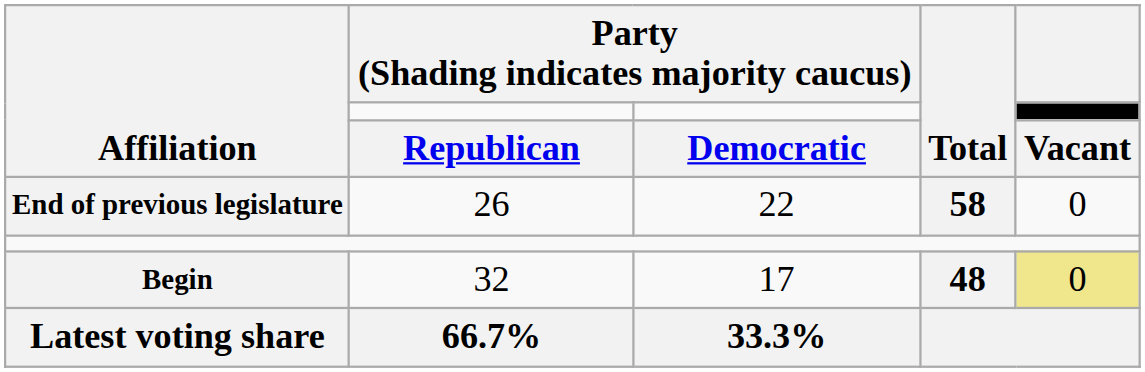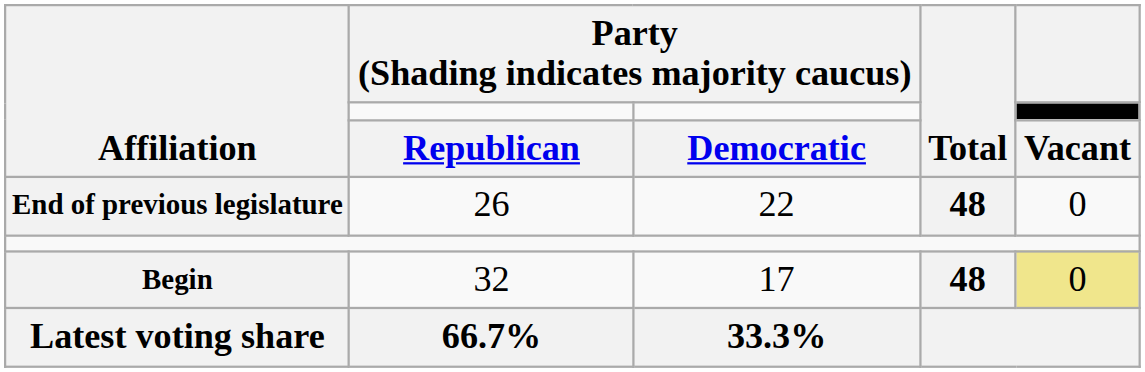 <table class=wikitable style="text-align:center">
 <tr style="vertical-align:bottom;">
 <th rowspan=3>Affiliation</th>
 <th colspan=2>Party <div>(Shading indicates majority caucus)</div></th>
 <th rowspan=3>Total</th>
 <th></th>
 </tr>
 <tr style="height:5px">
 <td style="background-color:"></td>
 <td style="background-color:"></td>
 <td style="background-color:black"></td>
 </tr>
 <tr>
 <th><a href='#'>Republican</a></th>
 <th><a href='#'>Democratic</a></th>
 <th>Vacant</th>
 </tr>
 <tr>
 <th nowrap style="font-size:80%">End of previous legislature</th>
 <td>26</td>
 <td>22</td>
-<th>58</th>
+<th>48</th>
 <td>0</td>
 </tr>
 <tr>
 <td colspan=5></td>
 </tr>
 <tr>
 <th nowrap style="font-size:80%">Begin</th>
 <td>32</td>
 <td>17</td>
 <th>48</th>
 <td style="background: khaki;">0</td>
 </tr>
 <tr>
 <th>Latest voting share</th>
 <th>66.7% </th>
 <th>33.3%</th>
 <th colspan=2></th>
 </tr>
 </table>
